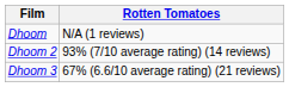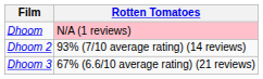 <table class="wikitable sortable">
 <tr>
 <th>Film</th>
 <th><a href='#'>Rotten Tomatoes</a></th>
 </tr>
 <tr>
 <td><em><a href='#'>Dhoom</a></em></td>
-<td>N/A (1 reviews)</td>
+<td style="background: pink;">N/A (1 reviews)</td>
 </tr>
 <tr>
 <td><em><a href='#'>Dhoom 2</a></em></td>
 <td>93% (7/10 average rating) (14 reviews)</td>
 </tr>
 <tr>
 <td><em><a href='#'>Dhoom 3</a></em></td>
 <td>67% (6.6/10 average rating) (21 reviews)</td>
 </tr>
 </table>
